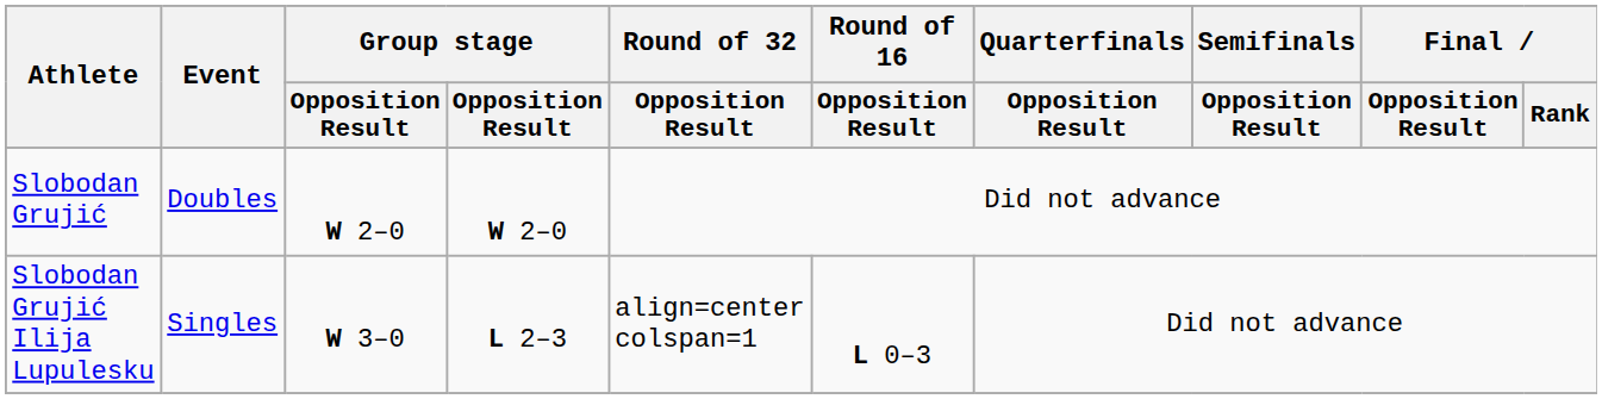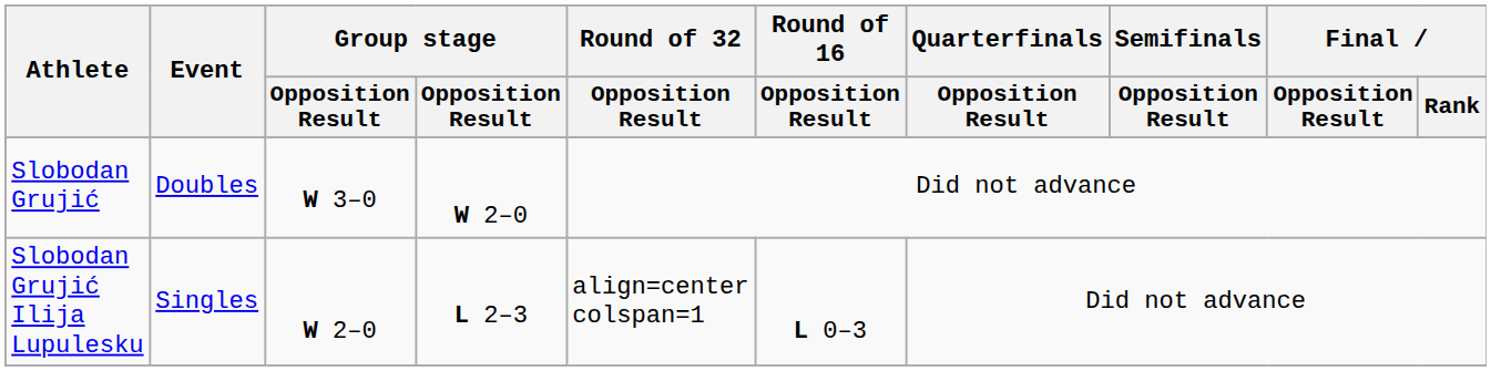 <table class="wikitable" style="font-size:90%">
 <tr>
 <th rowspan="2">Athlete</th>
 <th rowspan="2">Event</th>
 <th colspan="2">Group stage</th>
 <th>Round of 32</th>
 <th>Round of 16</th>
 <th>Quarterfinals</th>
 <th>Semifinals</th>
 <th colspan="2">Final / </th>
 </tr>
 <tr style="font-size:95%">
 <th>Opposition<br>Result</th>
 <th>Opposition<br>Result</th>
 <th>Opposition<br>Result</th>
 <th>Opposition<br>Result</th>
 <th>Opposition<br>Result</th>
 <th>Opposition<br>Result</th>
 <th>Opposition<br>Result</th>
 <th>Rank</th>
 </tr>
 <tr>
 <td align=left><a href='#'>Slobodan Grujić</a></td>
 <td align=left><a href='#'>Doubles</a></td>
-<td align=center><br> <br><strong>W</strong> 2–0</td>
+<td align=center><br><strong>W</strong> 3–0</td>
 <td align=center><br> <br><strong>W</strong> 2–0</td>
 <td align=center colspan=6>Did not advance</td>
 </tr>
 <tr>
 <td align=left><a href='#'>Slobodan Grujić</a><br><a href='#'>Ilija Lupulesku</a></td>
 <td align=left><a href='#'>Singles</a></td>
-<td align=center><br><strong>W</strong> 3–0</td>
+<td align=center><br> <br><strong>W</strong> 2–0</td>
 <td align=center><br><strong>L</strong> 2–3</td>
 <td>align=center colspan=1 </td>
 <td align=center><br> <br><strong>L</strong> 0–3</td>
 <td align=center colspan=4>Did not advance</td>
 </tr>
 </table>
